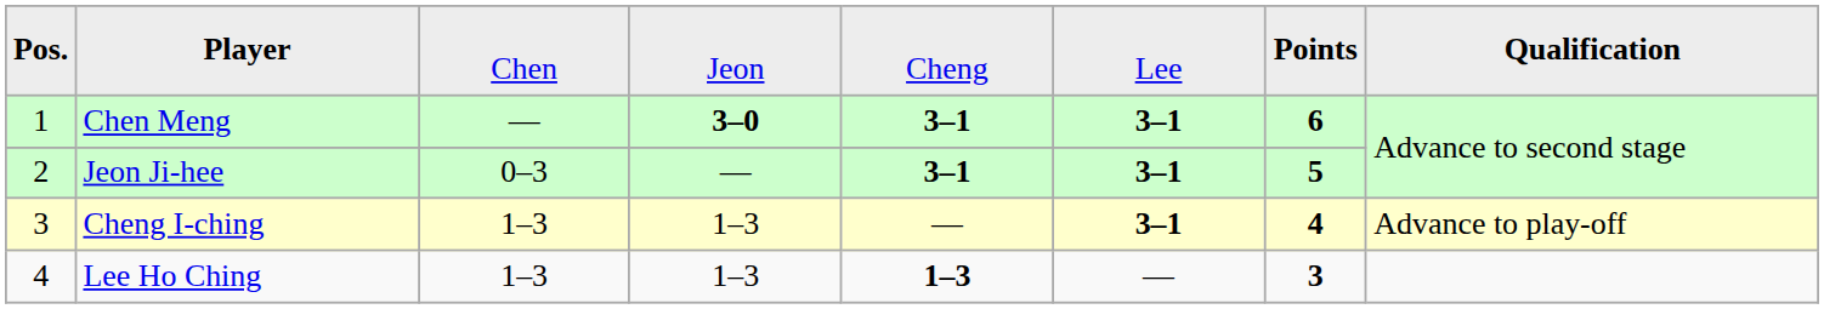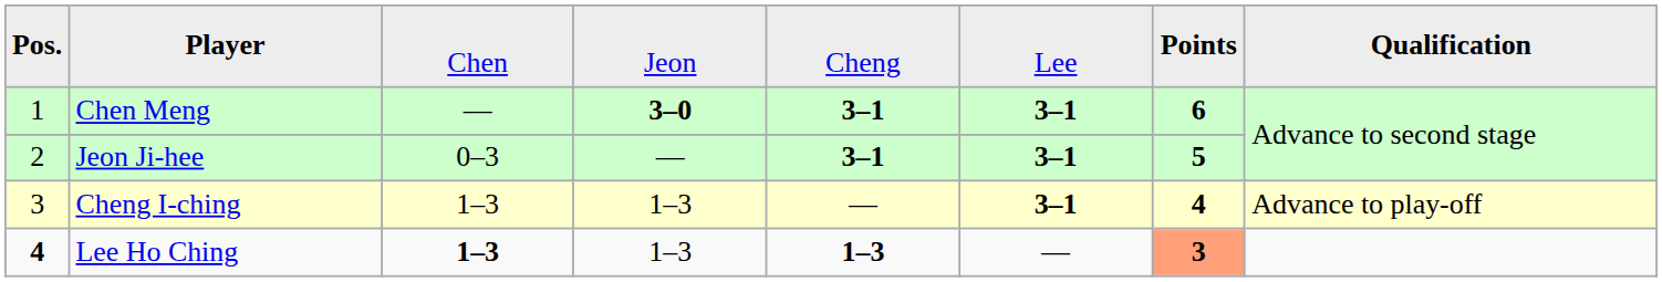 <table class="wikitable" style="font-size:90%">
 <tr style="text-align:center;">
 <td style="background-color:#ededed;" width="20"><strong>Pos.</strong></td>
 <td style="background-color:#ededed;" width="150"><strong>Player</strong></td>
 <td style="background-color:#ededed;" width="90"><br><a href='#'>Chen</a></td>
 <td style="background-color:#ededed;" width="90"><br><a href='#'>Jeon</a></td>
 <td style="background-color:#ededed;" width="90"><br><a href='#'>Cheng</a></td>
 <td style="background-color:#ededed;" width="90"><br><a href='#'>Lee</a></td>
 <td style="background-color:#ededed;" width="40"><strong>Points</strong></td>
 <td style="background-color:#ededed;" width="200"><strong>Qualification</strong></td>
 </tr>
 <tr style="text-align:center;" bgcolor=ccffcc>
 <td>1</td>
 <td style="text-align:left;"> <a href='#'>Chen Meng</a></td>
 <td>—</td>
 <td><strong>3–0</strong></td>
 <td><strong>3–1</strong></td>
 <td><strong>3–1</strong></td>
 <td><strong>6</strong></td>
 <td rowspan=2 style="text-align:left;">Advance to second stage</td>
 </tr>
 <tr style="text-align:center;" bgcolor=ccffcc>
 <td>2</td>
 <td style="text-align:left;"> <a href='#'>Jeon Ji-hee</a></td>
 <td>0–3</td>
 <td>—</td>
 <td><strong>3–1</strong></td>
 <td><strong>3–1</strong></td>
 <td><strong>5</strong></td>
 </tr>
 <tr style="text-align:center;" bgcolor=ffffcc>
 <td>3</td>
 <td style="text-align:left;"> <a href='#'>Cheng I-ching</a></td>
 <td>1–3</td>
 <td>1–3</td>
 <td>—</td>
 <td><strong>3–1</strong></td>
 <td><strong>4</strong></td>
 <td style="text-align:left;">Advance to play-off</td>
 </tr>
 <tr style="text-align:center;">
-<td>4</td>
+<td><strong>4</strong></td>
 <td style="text-align:left;"> <a href='#'>Lee Ho Ching</a></td>
-<td>1–3</td>
+<td><strong>1–3</strong></td>
 <td>1–3</td>
 <td><strong>1–3</strong></td>
 <td>—</td>
-<td><strong>3</strong></td>
+<td style="background: lightsalmon;"><strong>3</strong></td>
 <td></td>
 </tr>
 </table>
